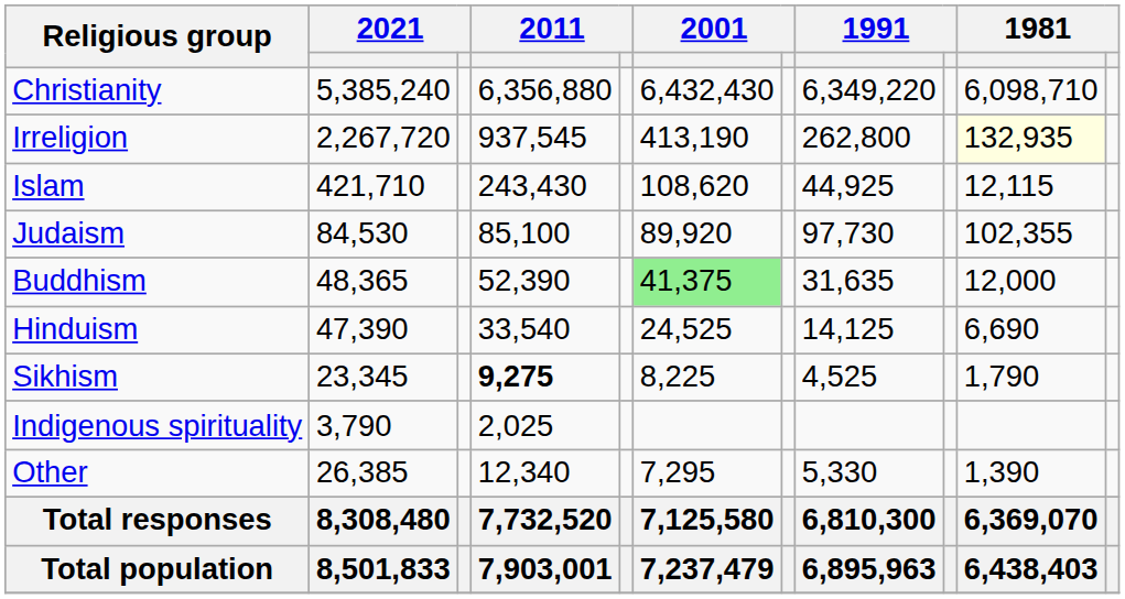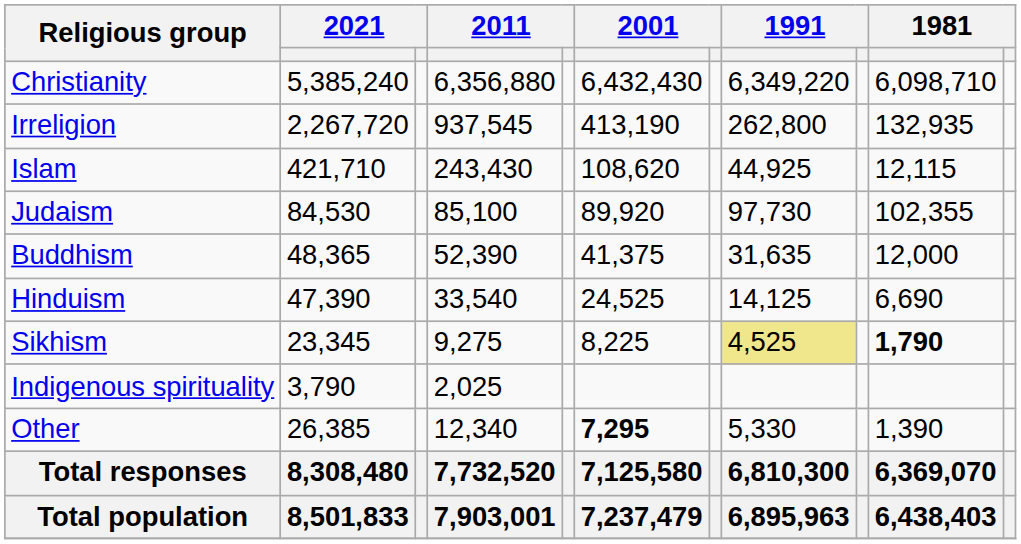 <table class="wikitable collapsible sortable">
 <tr>
 <th rowspan="2">Religious group</th>
 <th colspan="2"><a href='#'>2021</a></th>
 <th colspan="2"><a href='#'>2011</a></th>
 <th colspan="2"><a href='#'>2001</a></th>
 <th colspan="2"><a href='#'>1991</a></th>
 <th colspan="2">1981</th>
 </tr>
 <tr>
 <th><a href='#'></a></th>
 <th></th>
 <th></th>
 <th></th>
 <th></th>
 <th></th>
 <th></th>
 <th></th>
 <th></th>
 <th></th>
 </tr>
 <tr>
 <td><a href='#'>Christianity</a></td>
 <td>5,385,240</td>
 <td></td>
 <td>6,356,880</td>
 <td></td>
 <td>6,432,430</td>
 <td></td>
 <td>6,349,220</td>
 <td></td>
 <td>6,098,710</td>
 <td></td>
 </tr>
 <tr>
 <td><a href='#'>Irreligion</a></td>
 <td>2,267,720</td>
 <td></td>
 <td>937,545</td>
 <td></td>
 <td>413,190</td>
 <td></td>
 <td>262,800</td>
 <td></td>
-<td style="background: lightyellow;">132,935</td>
+<td>132,935</td>
 <td></td>
 </tr>
 <tr>
 <td><a href='#'>Islam</a></td>
 <td>421,710</td>
 <td></td>
 <td>243,430</td>
 <td></td>
 <td>108,620</td>
 <td></td>
 <td>44,925</td>
 <td></td>
 <td>12,115</td>
 <td></td>
 </tr>
 <tr>
 <td><a href='#'>Judaism</a></td>
 <td>84,530</td>
 <td></td>
 <td>85,100</td>
 <td></td>
 <td>89,920</td>
 <td></td>
 <td>97,730</td>
 <td></td>
 <td>102,355</td>
 <td></td>
 </tr>
 <tr>
 <td><a href='#'>Buddhism</a></td>
 <td>48,365</td>
 <td></td>
 <td>52,390</td>
 <td></td>
-<td style="background: lightgreen;">41,375</td>
+<td>41,375</td>
 <td></td>
 <td>31,635</td>
 <td></td>
 <td>12,000</td>
 <td></td>
 </tr>
 <tr>
 <td><a href='#'>Hinduism</a></td>
 <td>47,390</td>
 <td></td>
 <td>33,540</td>
 <td></td>
 <td>24,525</td>
 <td></td>
 <td>14,125</td>
 <td></td>
 <td>6,690</td>
 <td></td>
 </tr>
 <tr>
 <td><a href='#'>Sikhism</a></td>
 <td>23,345</td>
 <td></td>
-<td><strong>9,275</strong></td>
+<td>9,275</td>
 <td></td>
 <td>8,225</td>
 <td></td>
-<td>4,525</td>
+<td style="background: khaki;">4,525</td>
 <td></td>
-<td>1,790</td>
+<td><strong>1,790</strong></td>
 <td></td>
 </tr>
 <tr>
 <td><a href='#'>Indigenous spirituality</a></td>
 <td>3,790</td>
 <td></td>
 <td>2,025</td>
 <td></td>
 <td></td>
 <td></td>
 <td></td>
 <td></td>
 <td></td>
 <td></td>
 </tr>
 <tr>
 <td><a href='#'>Other</a></td>
 <td>26,385</td>
 <td></td>
 <td>12,340</td>
 <td></td>
-<td>7,295</td>
+<td><strong>7,295</strong></td>
 <td></td>
 <td>5,330</td>
 <td></td>
 <td>1,390</td>
 <td></td>
 </tr>
 <tr>
 <th>Total responses</th>
 <th>8,308,480</th>
 <th></th>
 <th>7,732,520</th>
 <th></th>
 <th>7,125,580</th>
 <th></th>
 <th>6,810,300</th>
 <th></th>
 <th>6,369,070</th>
 <th></th>
 </tr>
 <tr class="sortbottom">
 <th>Total population</th>
 <th>8,501,833</th>
 <th></th>
 <th>7,903,001</th>
 <th></th>
 <th>7,237,479</th>
 <th></th>
 <th>6,895,963</th>
 <th></th>
 <th>6,438,403</th>
 <th></th>
 </tr>
 <tr class="sortbottom">
 </tr>
 </table>
